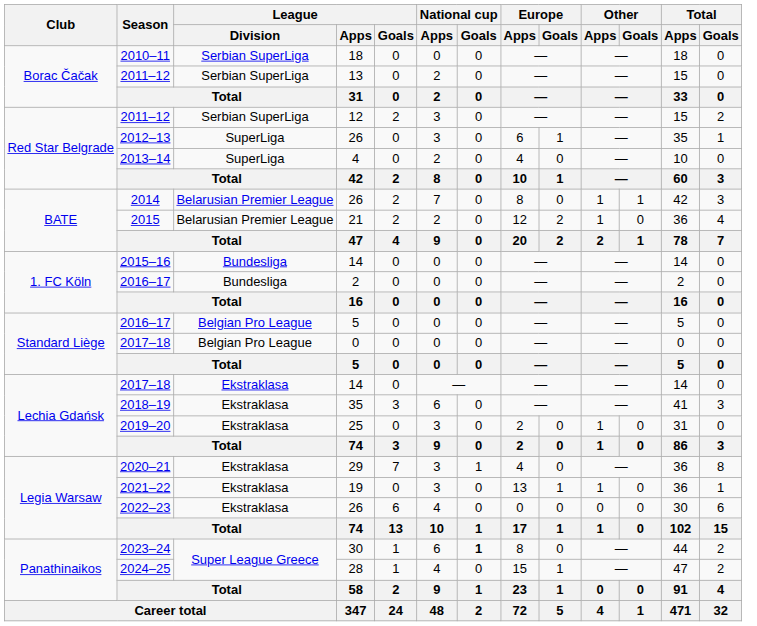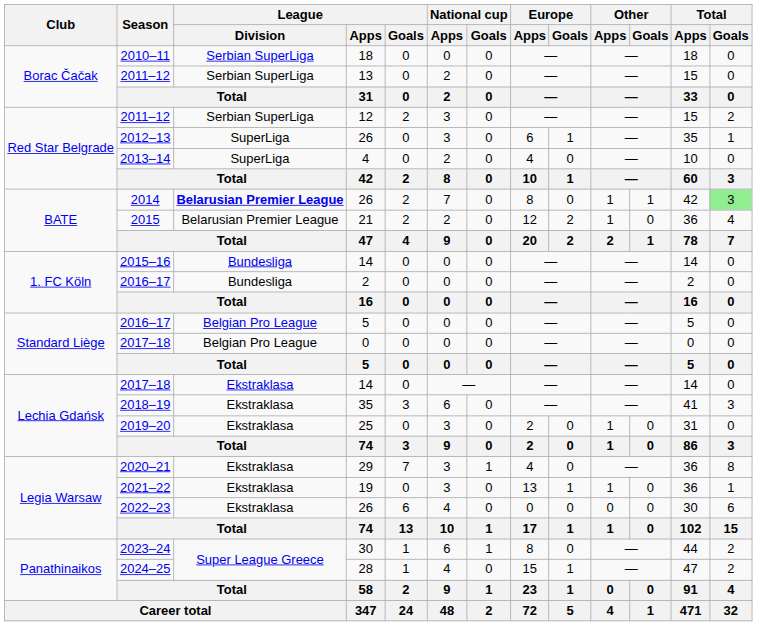 <table class="wikitable" style="text-align: center">
 <tr>
 <th rowspan="2">Club</th>
 <th rowspan="2">Season</th>
 <th colspan="3">League</th>
 <th colspan="2">National cup</th>
 <th colspan="2">Europe</th>
 <th colspan="2">Other</th>
 <th colspan="2">Total</th>
 </tr>
 <tr>
 <th>Division</th>
 <th>Apps</th>
 <th>Goals</th>
 <th>Apps</th>
 <th>Goals</th>
 <th>Apps</th>
 <th>Goals</th>
 <th>Apps</th>
 <th>Goals</th>
 <th>Apps</th>
 <th>Goals</th>
 </tr>
 <tr>
 <td rowspan="3"><a href='#'>Borac Čačak</a></td>
 <td><a href='#'>2010–11</a></td>
 <td><a href='#'>Serbian SuperLiga</a></td>
 <td>18</td>
 <td>0</td>
 <td>0</td>
 <td>0</td>
 <td colspan="2">—</td>
 <td colspan="2">—</td>
 <td>18</td>
 <td>0</td>
 </tr>
 <tr>
 <td><a href='#'>2011–12</a></td>
 <td>Serbian SuperLiga</td>
 <td>13</td>
 <td>0</td>
 <td>2</td>
 <td>0</td>
 <td colspan="2">—</td>
 <td colspan="2">—</td>
 <td>15</td>
 <td>0</td>
 </tr>
 <tr>
 <th colspan="2">Total</th>
 <th>31</th>
 <th>0</th>
 <th>2</th>
 <th>0</th>
 <th colspan="2">—</th>
 <th colspan="2">—</th>
 <th>33</th>
 <th>0</th>
 </tr>
 <tr>
 <td rowspan="4"><a href='#'>Red Star Belgrade</a></td>
 <td><a href='#'>2011–12</a></td>
 <td>Serbian SuperLiga</td>
 <td>12</td>
 <td>2</td>
 <td>3</td>
 <td>0</td>
 <td colspan="2">—</td>
 <td colspan="2">—</td>
 <td>15</td>
 <td>2</td>
 </tr>
 <tr>
 <td><a href='#'>2012–13</a></td>
 <td>SuperLiga</td>
 <td>26</td>
 <td>0</td>
 <td>3</td>
 <td>0</td>
 <td>6</td>
 <td>1</td>
 <td colspan="2">—</td>
 <td>35</td>
 <td>1</td>
 </tr>
 <tr>
 <td><a href='#'>2013–14</a></td>
 <td>SuperLiga</td>
 <td>4</td>
 <td>0</td>
 <td>2</td>
 <td>0</td>
 <td>4</td>
 <td>0</td>
 <td colspan="2">—</td>
 <td>10</td>
 <td>0</td>
 </tr>
 <tr>
 <th colspan="2">Total</th>
 <th>42</th>
 <th>2</th>
 <th>8</th>
 <th>0</th>
 <th>10</th>
 <th>1</th>
 <th colspan="2">—</th>
 <th>60</th>
 <th>3</th>
 </tr>
 <tr>
 <td rowspan="3"><a href='#'>BATE</a></td>
 <td><a href='#'>2014</a></td>
-<td><a href='#'>Belarusian Premier League</a></td>
+<td><strong><a href='#'>Belarusian Premier League</a></strong></td>
 <td>26</td>
 <td>2</td>
 <td>7</td>
 <td>0</td>
 <td>8</td>
 <td>0</td>
 <td>1</td>
 <td>1</td>
 <td>42</td>
-<td>3</td>
+<td style="background: lightgreen;">3</td>
 </tr>
 <tr>
 <td><a href='#'>2015</a></td>
 <td>Belarusian Premier League</td>
 <td>21</td>
 <td>2</td>
 <td>2</td>
 <td>0</td>
 <td>12</td>
 <td>2</td>
 <td>1</td>
 <td>0</td>
 <td>36</td>
 <td>4</td>
 </tr>
 <tr>
 <th colspan="2">Total</th>
 <th>47</th>
 <th>4</th>
 <th>9</th>
 <th>0</th>
 <th>20</th>
 <th>2</th>
 <th>2</th>
 <th>1</th>
 <th>78</th>
 <th>7</th>
 </tr>
 <tr>
 <td rowspan="3"><a href='#'>1. FC Köln</a></td>
 <td><a href='#'>2015–16</a></td>
 <td><a href='#'>Bundesliga</a></td>
 <td>14</td>
 <td>0</td>
 <td>0</td>
 <td>0</td>
 <td colspan="2">—</td>
 <td colspan="2">—</td>
 <td>14</td>
 <td>0</td>
 </tr>
 <tr>
 <td><a href='#'>2016–17</a></td>
 <td>Bundesliga</td>
 <td>2</td>
 <td>0</td>
 <td>0</td>
 <td>0</td>
 <td colspan="2">—</td>
 <td colspan="2">—</td>
 <td>2</td>
 <td>0</td>
 </tr>
 <tr>
 <th colspan="2">Total</th>
 <th>16</th>
 <th>0</th>
 <th>0</th>
 <th>0</th>
 <th colspan="2">—</th>
 <th colspan="2">—</th>
 <th>16</th>
 <th>0</th>
 </tr>
 <tr>
 <td rowspan="3"><a href='#'>Standard Liège</a></td>
 <td><a href='#'>2016–17</a></td>
 <td><a href='#'>Belgian Pro League</a></td>
 <td>5</td>
 <td>0</td>
 <td>0</td>
 <td>0</td>
 <td colspan="2">—</td>
 <td colspan="2">—</td>
 <td>5</td>
 <td>0</td>
 </tr>
 <tr>
 <td><a href='#'>2017–18</a></td>
 <td>Belgian Pro League</td>
 <td>0</td>
 <td>0</td>
 <td>0</td>
 <td>0</td>
 <td colspan="2">—</td>
 <td colspan="2">—</td>
 <td>0</td>
 <td>0</td>
 </tr>
 <tr>
 <th colspan="2">Total</th>
 <th>5</th>
 <th>0</th>
 <th>0</th>
 <th>0</th>
 <th colspan="2">—</th>
 <th colspan="2">—</th>
 <th>5</th>
 <th>0</th>
 </tr>
 <tr>
 <td rowspan="4"><a href='#'>Lechia Gdańsk</a></td>
 <td><a href='#'>2017–18</a></td>
 <td><a href='#'>Ekstraklasa</a></td>
 <td>14</td>
 <td>0</td>
 <td colspan="2">—</td>
 <td colspan="2">—</td>
 <td colspan="2">—</td>
 <td>14</td>
 <td>0</td>
 </tr>
 <tr>
 <td><a href='#'>2018–19</a></td>
 <td>Ekstraklasa</td>
 <td>35</td>
 <td>3</td>
 <td>6</td>
 <td>0</td>
 <td colspan="2">—</td>
 <td colspan="2">—</td>
 <td>41</td>
 <td>3</td>
 </tr>
 <tr>
 <td><a href='#'>2019–20</a></td>
 <td>Ekstraklasa</td>
 <td>25</td>
 <td>0</td>
 <td>3</td>
 <td>0</td>
 <td>2</td>
 <td>0</td>
 <td>1</td>
 <td>0</td>
 <td>31</td>
 <td>0</td>
 </tr>
 <tr>
 <th colspan="2">Total</th>
 <th>74</th>
 <th>3</th>
 <th>9</th>
 <th>0</th>
 <th>2</th>
 <th>0</th>
 <th>1</th>
 <th>0</th>
 <th>86</th>
 <th>3</th>
 </tr>
 <tr>
 <td rowspan="4"><a href='#'>Legia Warsaw</a></td>
 <td><a href='#'>2020–21</a></td>
 <td>Ekstraklasa</td>
 <td>29</td>
 <td>7</td>
 <td>3</td>
 <td>1</td>
 <td>4</td>
 <td>0</td>
 <td colspan="2">—</td>
 <td>36</td>
 <td>8</td>
 </tr>
 <tr>
 <td><a href='#'>2021–22</a></td>
 <td>Ekstraklasa</td>
 <td>19</td>
 <td>0</td>
 <td>3</td>
 <td>0</td>
 <td>13</td>
 <td>1</td>
 <td>1</td>
 <td>0</td>
 <td>36</td>
 <td>1</td>
 </tr>
 <tr>
 <td><a href='#'>2022–23</a></td>
 <td>Ekstraklasa</td>
 <td>26</td>
 <td>6</td>
 <td>4</td>
 <td>0</td>
 <td>0</td>
 <td>0</td>
 <td>0</td>
 <td>0</td>
 <td>30</td>
 <td>6</td>
 </tr>
 <tr>
 <th colspan="2">Total</th>
 <th>74</th>
 <th>13</th>
 <th>10</th>
 <th>1</th>
 <th>17</th>
 <th>1</th>
 <th>1</th>
 <th>0</th>
 <th>102</th>
 <th>15</th>
 </tr>
 <tr>
 <td rowspan="3"><a href='#'>Panathinaikos</a></td>
 <td><a href='#'>2023–24</a></td>
 <td rowspan="2"><a href='#'>Super League Greece</a></td>
 <td>30</td>
 <td>1</td>
 <td>6</td>
-<td><strong>1</strong></td>
+<td>1</td>
 <td>8</td>
 <td>0</td>
 <td colspan="2">—</td>
 <td>44</td>
 <td>2</td>
 </tr>
 <tr>
 <td><a href='#'>2024–25</a></td>
 <td>28</td>
 <td>1</td>
 <td>4</td>
 <td>0</td>
 <td>15</td>
 <td>1</td>
 <td colspan="2">—</td>
 <td>47</td>
 <td>2</td>
 </tr>
 <tr>
 <th colspan="2">Total</th>
 <th>58</th>
 <th>2</th>
 <th>9</th>
 <th>1</th>
 <th>23</th>
 <th>1</th>
 <th>0</th>
 <th>0</th>
 <th>91</th>
 <th>4</th>
 </tr>
 <tr>
 <th colspan="3">Career total</th>
 <th>347</th>
 <th>24</th>
 <th>48</th>
 <th>2</th>
 <th>72</th>
 <th>5</th>
 <th>4</th>
 <th>1</th>
 <th>471</th>
 <th>32</th>
 </tr>
 </table>
